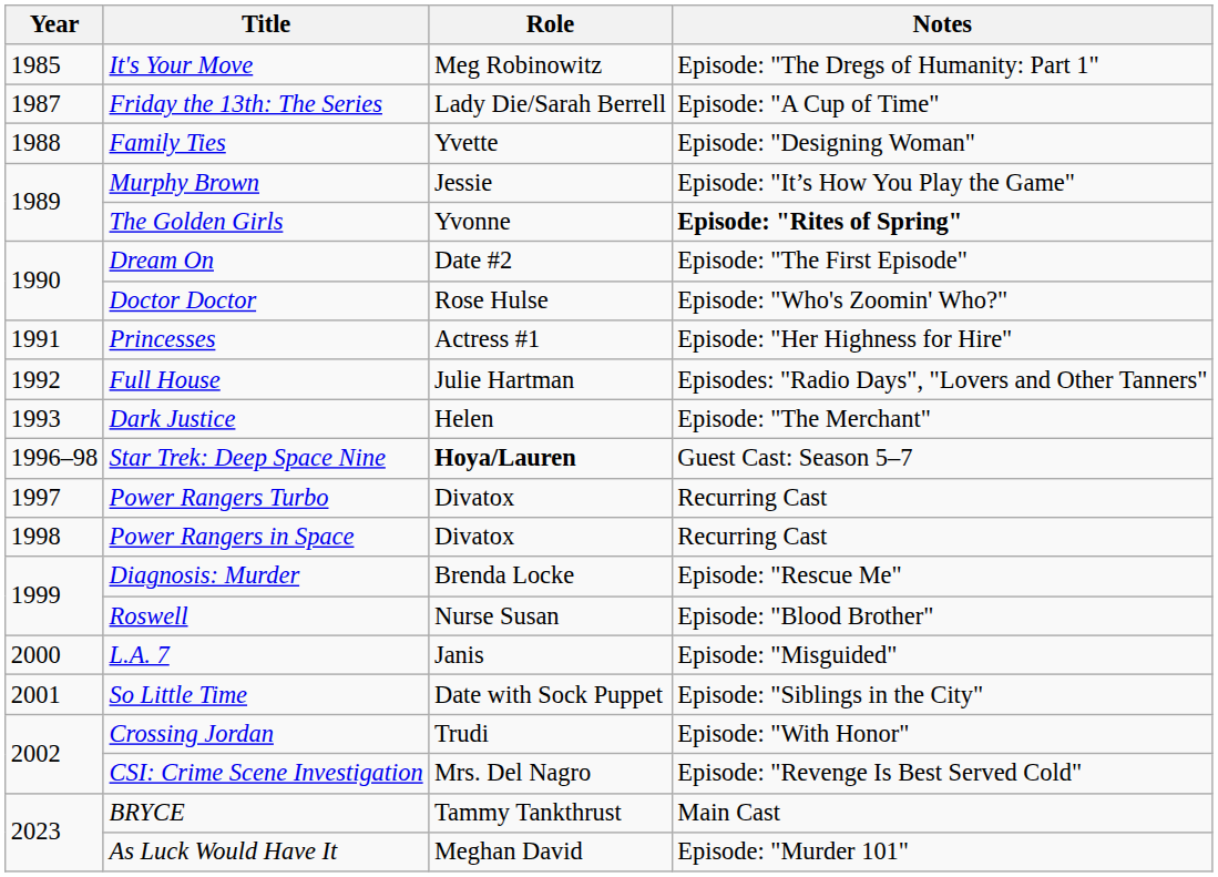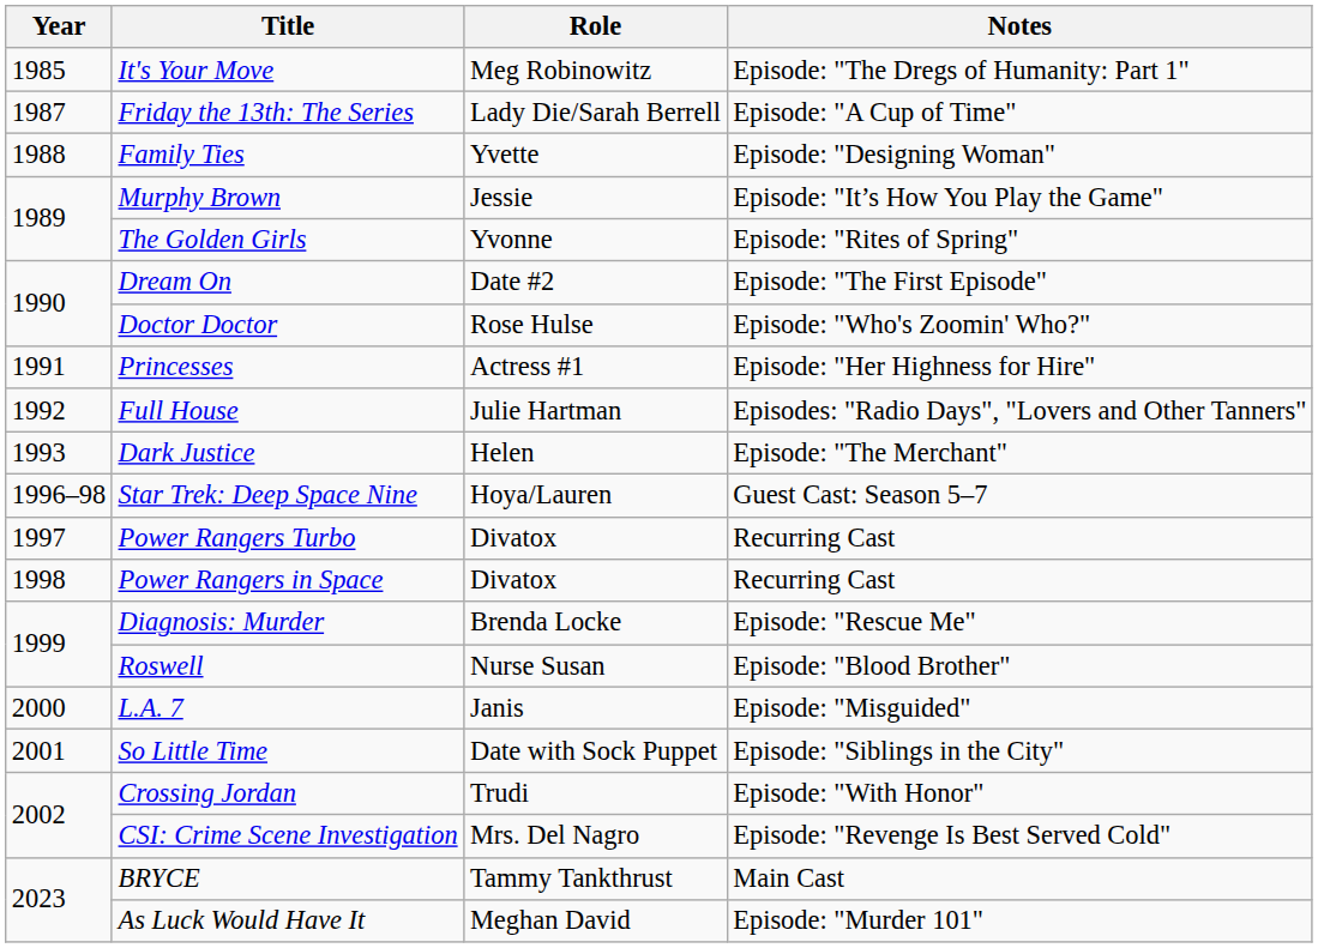 <table class="wikitable sortable">
 <tr>
 <th>Year</th>
 <th>Title</th>
 <th>Role</th>
 <th>Notes</th>
 </tr>
 <tr>
 <td>1985</td>
 <td><em><a href='#'>It's Your Move</a></em></td>
 <td>Meg Robinowitz</td>
 <td>Episode: "The Dregs of Humanity: Part 1"</td>
 </tr>
 <tr>
 <td>1987</td>
 <td><em><a href='#'>Friday the 13th: The Series</a></em></td>
 <td>Lady Die/Sarah Berrell</td>
 <td>Episode: "A Cup of Time"</td>
 </tr>
 <tr>
 <td>1988</td>
 <td><em><a href='#'>Family Ties</a></em></td>
 <td>Yvette</td>
 <td>Episode: "Designing Woman"</td>
 </tr>
 <tr>
 <td rowspan="2">1989</td>
 <td><em><a href='#'>Murphy Brown</a></em></td>
 <td>Jessie</td>
 <td>Episode: "It’s How You Play the Game"</td>
 </tr>
 <tr>
 <td><em><a href='#'>The Golden Girls</a></em></td>
 <td>Yvonne</td>
-<td><strong>Episode: "Rites of Spring"</strong></td>
+<td>Episode: "Rites of Spring"</td>
 </tr>
 <tr>
 <td rowspan="2">1990</td>
 <td><em><a href='#'>Dream On</a></em></td>
 <td>Date #2</td>
 <td>Episode: "The First Episode"</td>
 </tr>
 <tr>
 <td><em><a href='#'>Doctor Doctor</a></em></td>
 <td>Rose Hulse</td>
 <td>Episode: "Who's Zoomin' Who?"</td>
 </tr>
 <tr>
 <td>1991</td>
 <td><em><a href='#'>Princesses</a></em></td>
 <td>Actress #1</td>
 <td>Episode: "Her Highness for Hire"</td>
 </tr>
 <tr>
 <td>1992</td>
 <td><em><a href='#'>Full House</a></em></td>
 <td>Julie Hartman</td>
 <td>Episodes: "Radio Days", "Lovers and Other Tanners"</td>
 </tr>
 <tr>
 <td>1993</td>
 <td><em><a href='#'>Dark Justice</a></em></td>
 <td>Helen</td>
 <td>Episode: "The Merchant"</td>
 </tr>
 <tr>
 <td>1996–98</td>
 <td><em><a href='#'>Star Trek: Deep Space Nine</a></em></td>
-<td><strong>Hoya/Lauren</strong></td>
+<td>Hoya/Lauren</td>
 <td>Guest Cast: Season 5–7</td>
 </tr>
 <tr>
 <td>1997</td>
 <td><em><a href='#'>Power Rangers Turbo</a></em></td>
 <td>Divatox</td>
 <td>Recurring Cast</td>
 </tr>
 <tr>
 <td>1998</td>
 <td><em><a href='#'>Power Rangers in Space</a></em></td>
 <td>Divatox</td>
 <td>Recurring Cast</td>
 </tr>
 <tr>
 <td rowspan="2">1999</td>
 <td><em><a href='#'>Diagnosis: Murder</a></em></td>
 <td>Brenda Locke</td>
 <td>Episode: "Rescue Me"</td>
 </tr>
 <tr>
 <td><em><a href='#'>Roswell</a></em></td>
 <td>Nurse Susan</td>
 <td>Episode: "Blood Brother"</td>
 </tr>
 <tr>
 <td>2000</td>
 <td><em><a href='#'>L.A. 7</a></em></td>
 <td>Janis</td>
 <td>Episode: "Misguided"</td>
 </tr>
 <tr>
 <td>2001</td>
 <td><em><a href='#'>So Little Time</a></em></td>
 <td>Date with Sock Puppet</td>
 <td>Episode: "Siblings in the City"</td>
 </tr>
 <tr>
 <td rowspan="2">2002</td>
 <td><em><a href='#'>Crossing Jordan</a></em></td>
 <td>Trudi</td>
 <td>Episode: "With Honor"</td>
 </tr>
 <tr>
 <td><em><a href='#'>CSI: Crime Scene Investigation</a></em></td>
 <td>Mrs. Del Nagro</td>
 <td>Episode: "Revenge Is Best Served Cold"</td>
 </tr>
 <tr>
 <td rowspan="2">2023</td>
 <td><em>BRYCE</em></td>
 <td>Tammy Tankthrust</td>
 <td>Main Cast</td>
 </tr>
 <tr>
 <td><em>As Luck Would Have It</em></td>
 <td>Meghan David</td>
 <td>Episode: "Murder 101"</td>
 </tr>
 </table>
